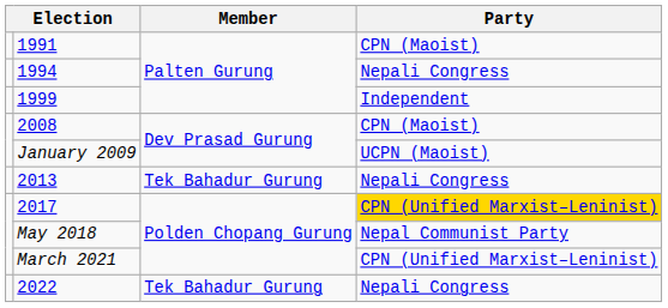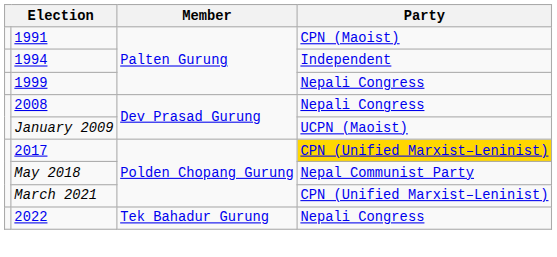 <table class="wikitable">
 <tr>
 <th colspan="2">Election</th>
 <th>Member</th>
 <th>Party</th>
 </tr>
 <tr>
 <td style="background-color:"></td>
 <td><a href='#'>1991</a></td>
 <td rowspan="3"><a href='#'>Palten Gurung</a></td>
 <td><a href='#'>CPN (Maoist)</a></td>
 </tr>
 <tr>
 <td style="background-color:"></td>
 <td><a href='#'>1994</a></td>
-<td><a href='#'>Nepali Congress</a></td>
+<td><a href='#'>Independent</a></td>
 </tr>
 <tr>
 <td style="background-color:"></td>
 <td><a href='#'>1999</a></td>
-<td><a href='#'>Independent</a></td>
+<td><a href='#'>Nepali Congress</a></td>
 </tr>
 <tr>
 <td rowspan="2" style="background-color:"></td>
 <td><a href='#'>2008</a></td>
 <td rowspan="2"><a href='#'>Dev Prasad Gurung</a></td>
-<td><a href='#'>CPN (Maoist)</a></td>
+<td><a href='#'>Nepali Congress</a></td>
 </tr>
 <tr>
 <td><em>January 2009</em></td>
 <td><a href='#'>UCPN (Maoist)</a></td>
-</tr>
-<tr>
-<td style="background-color:"></td>
-<td><a href='#'>2013</a></td>
-<td><a href='#'>Tek Bahadur Gurung</a></td>
-<td><a href='#'>Nepali Congress</a></td>
 </tr>
 <tr>
 <td rowspan="3" style="background-color:"></td>
 <td><a href='#'>2017</a></td>
 <td rowspan="3"><a href='#'>Polden Chopang Gurung</a></td>
 <td style="background: gold;"><a href='#'>CPN (Unified Marxist–Leninist)</a></td>
 </tr>
 <tr>
 <td><em>May 2018</em></td>
 <td><a href='#'>Nepal Communist Party</a></td>
 </tr>
 <tr>
 <td><em>March 2021</em></td>
 <td><a href='#'>CPN (Unified Marxist–Leninist)</a></td>
 </tr>
 <tr>
 <td style="background-color:"></td>
 <td><a href='#'>2022</a></td>
 <td><a href='#'>Tek Bahadur Gurung</a></td>
 <td><a href='#'>Nepali Congress</a></td>
 </tr>
 </table>
